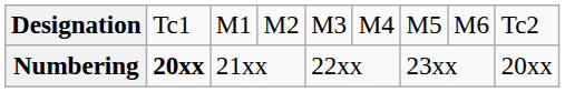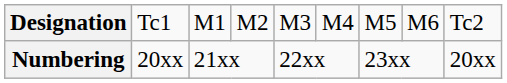 <table class="wikitable">
 <tr>
 <th>Designation</th>
 <td>Tc1</td>
 <td>M1</td>
 <td>M2</td>
 <td>M3</td>
 <td>M4</td>
 <td>M5</td>
 <td>M6</td>
 <td>Tc2</td>
 </tr>
 <tr>
 <th>Numbering</th>
-<td><strong>20xx</strong></td>
+<td>20xx</td>
 <td colspan="2">21xx</td>
 <td colspan="2">22xx</td>
 <td colspan="2">23xx</td>
 <td>20xx</td>
 </tr>
 </table>
